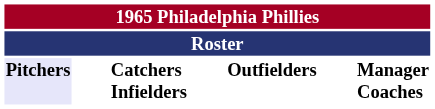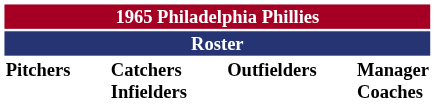 <table class="toccolours" style="font-size: 95%;">
 <tr>
 <th colspan="10" style="background-color: #A50024; color: white; text-align: center;">1965 Philadelphia Phillies</th>
 </tr>
 <tr>
 <td colspan="10" style="background-color: #263473; color: white; text-align: center;"><strong>Roster</strong></td>
 </tr>
 <tr>
-<td valign="top" style="background: lavender;"><strong>Pitchers</strong><br>             </td>
+<td valign="top"><strong>Pitchers</strong><br>             </td>
 <td width="25px"></td>
 <td valign="top"><strong>Catchers</strong><br>   <strong>Infielders</strong>        </td>
 <td width="25px"></td>
 <td valign="top"><strong>Outfielders</strong><br>       </td>
 <td width="25px"></td>
 <td valign="top"><strong>Manager</strong><br> <strong>Coaches</strong>    </td>
 </tr>
 <tr>
 </tr>
 </table>
